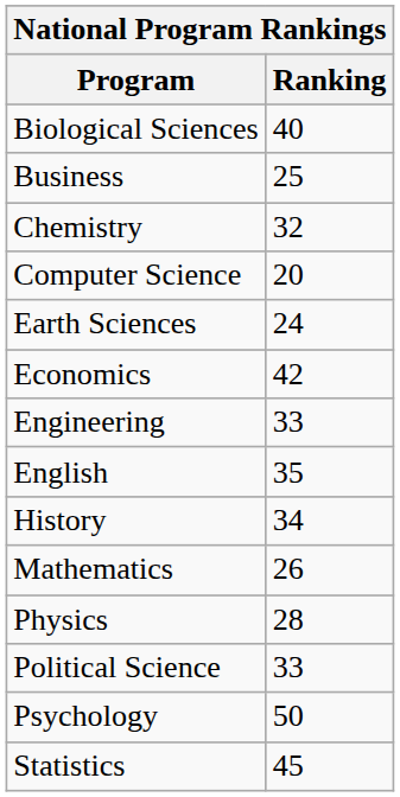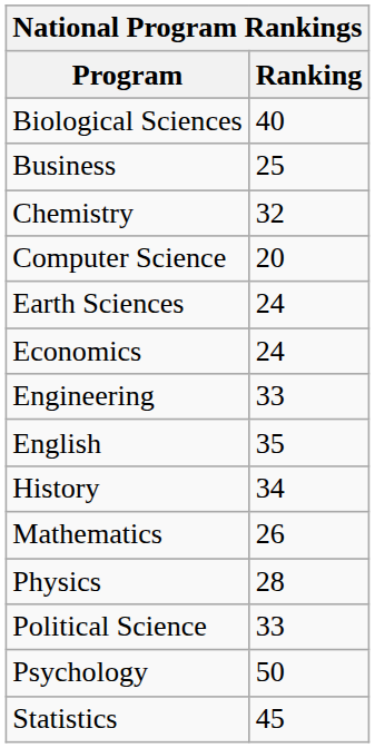 <table class="wikitable sortable collapsible collapsed" style="float:right" "text-align:center">
 <tr>
 <th colspan=4>National Program Rankings</th>
 </tr>
 <tr>
 <th>Program</th>
 <th>Ranking</th>
 </tr>
 <tr>
 <td>Biological Sciences</td>
 <td>40</td>
 </tr>
 <tr>
 <td>Business</td>
 <td>25</td>
 </tr>
 <tr>
 <td>Chemistry</td>
 <td>32</td>
 </tr>
 <tr>
 <td>Computer Science</td>
 <td>20</td>
 </tr>
 <tr>
 <td>Earth Sciences</td>
 <td>24</td>
 </tr>
 <tr>
 <td>Economics</td>
-<td>42</td>
+<td>24</td>
 </tr>
 <tr>
 <td>Engineering</td>
 <td>33</td>
 </tr>
 <tr>
 <td>English</td>
 <td>35</td>
 </tr>
 <tr>
 <td>History</td>
 <td>34</td>
 </tr>
 <tr>
 <td>Mathematics</td>
 <td>26</td>
 </tr>
 <tr>
 <td>Physics</td>
 <td>28</td>
 </tr>
 <tr>
 <td>Political Science</td>
 <td>33</td>
 </tr>
 <tr>
 <td>Psychology</td>
 <td>50</td>
 </tr>
 <tr>
 <td>Statistics</td>
 <td>45</td>
 </tr>
 </table>
